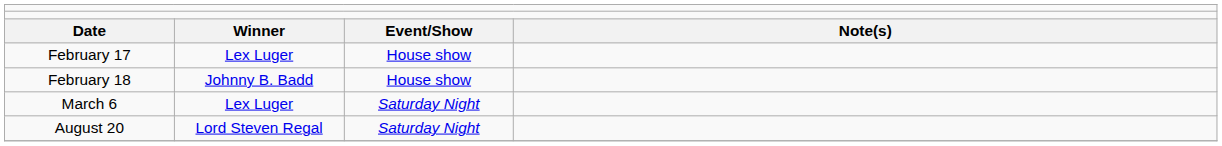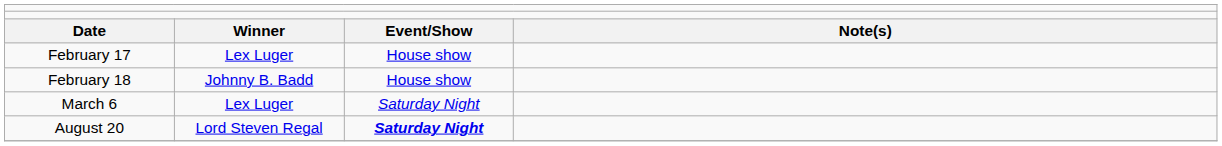 <table class="wikitable" style="text-align:center; width:100%;">
 <tr>
 <td colspan="5"></td>
 </tr>
 <tr>
 <td colspan="5"><strong></strong></td>
 </tr>
 <tr>
 <th width=14%>Date</th>
 <th width=14%>Winner</th>
 <th width=14%>Event/Show</th>
 <th width=58%>Note(s)</th>
 </tr>
 <tr>
 <td>February 17</td>
 <td><a href='#'>Lex Luger</a></td>
 <td><a href='#'>House show</a></td>
 <td align=left></td>
 </tr>
 <tr>
 <td>February 18</td>
 <td><a href='#'>Johnny B. Badd</a></td>
 <td><a href='#'>House show</a></td>
 <td align=left></td>
 </tr>
 <tr>
 <td>March 6</td>
 <td><a href='#'>Lex Luger</a></td>
 <td><em><a href='#'>Saturday Night</a></em></td>
 <td align=left></td>
 </tr>
 <tr>
 <td>August 20</td>
 <td><a href='#'>Lord Steven Regal</a></td>
-<td><em><a href='#'>Saturday Night</a></em></td>
+<td><strong><em><a href='#'>Saturday Night</a></em></strong></td>
 <td align=left></td>
 </tr>
 <tr>
 </tr>
 </table>
